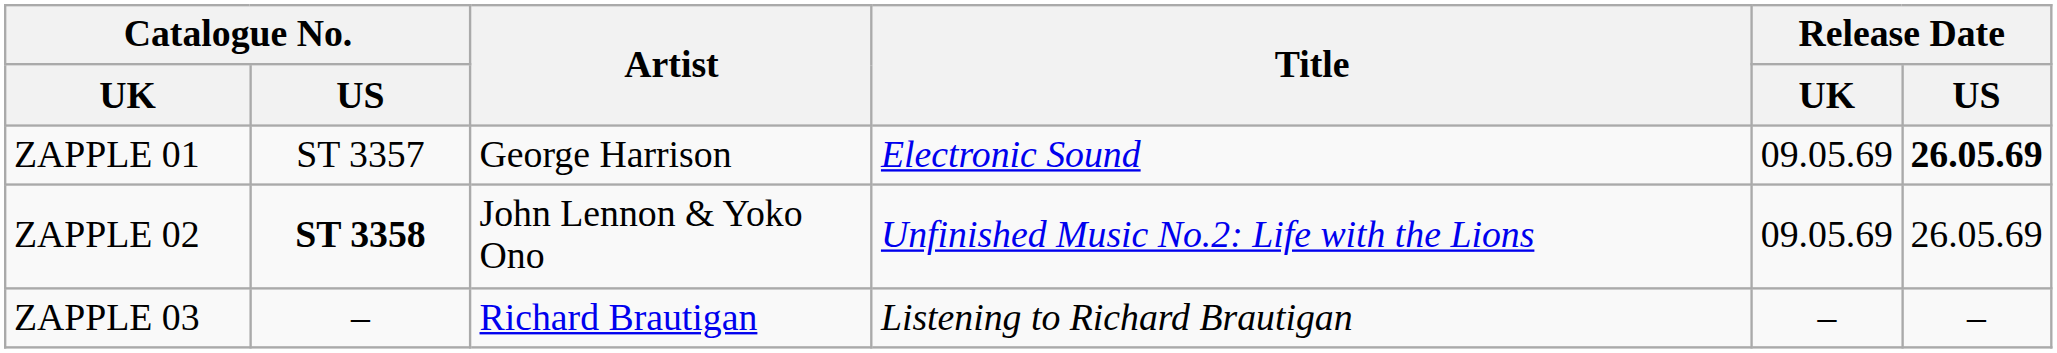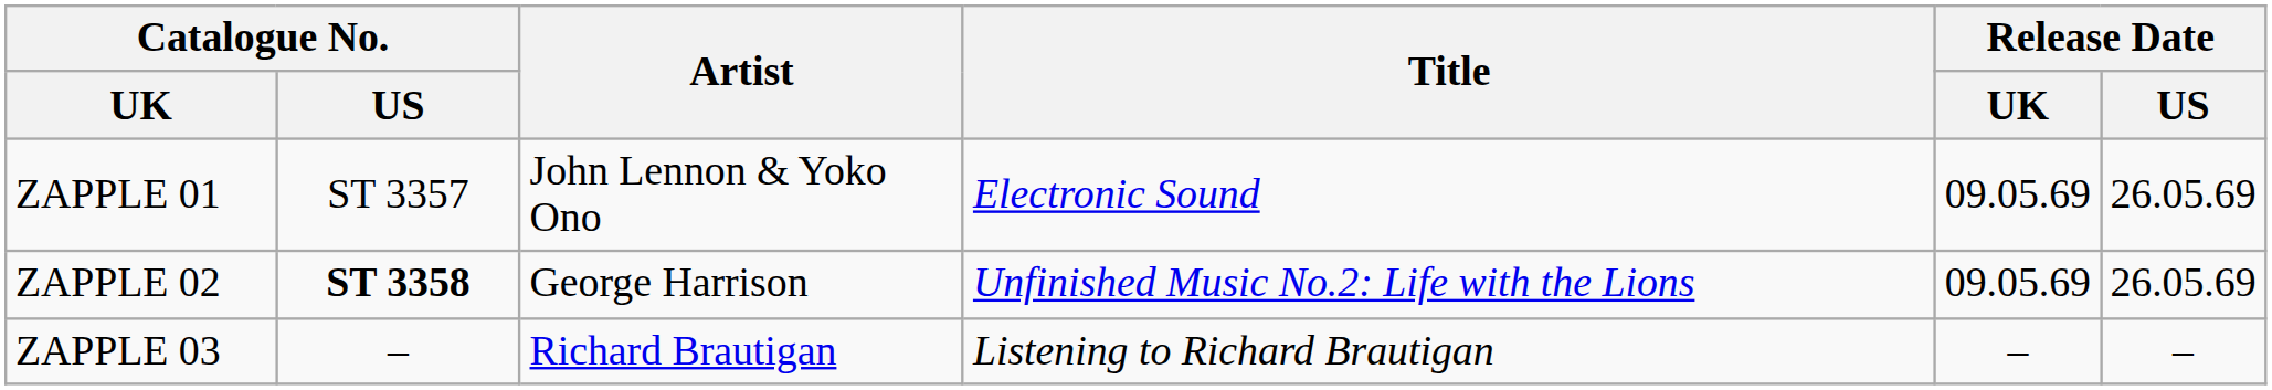 <table class="wikitable" style="text-align:left;">
 <tr>
 <th colspan="2"><strong>Catalogue No.</strong></th>
 <th rowspan="2" style="width:225px;"><strong>Artist</strong></th>
 <th rowspan="2" style="width:550px;"><strong>Title</strong></th>
 <th colspan="2"><strong>Release Date</strong></th>
 </tr>
 <tr>
 <th style="width:120px;">UK</th>
 <th style="width:120px;">US</th>
 <th width="55">UK</th>
 <th width="55">US</th>
 </tr>
 <tr>
 <td>ZAPPLE 01</td>
 <td align=center>ST 3357</td>
-<td>George Harrison</td>
+<td>John Lennon & Yoko Ono</td>
 <td><em><a href='#'>Electronic Sound</a></em></td>
 <td align=center>09.05.69</td>
-<td align=center><strong>26.05.69</strong></td>
+<td align=center>26.05.69</td>
 </tr>
 <tr>
 <td>ZAPPLE 02</td>
 <td align=center><strong>ST 3358</strong></td>
-<td>John Lennon & Yoko Ono</td>
+<td>George Harrison</td>
 <td><em><a href='#'>Unfinished Music No.2: Life with the Lions</a></em></td>
 <td align=center>09.05.69</td>
 <td align=center>26.05.69</td>
 </tr>
 <tr>
 <td>ZAPPLE 03</td>
 <td align=center>–</td>
 <td><a href='#'>Richard Brautigan</a></td>
 <td><em>Listening to Richard Brautigan</em> </td>
 <td align=center>–</td>
 <td align=center>–</td>
 </tr>
 </table>
